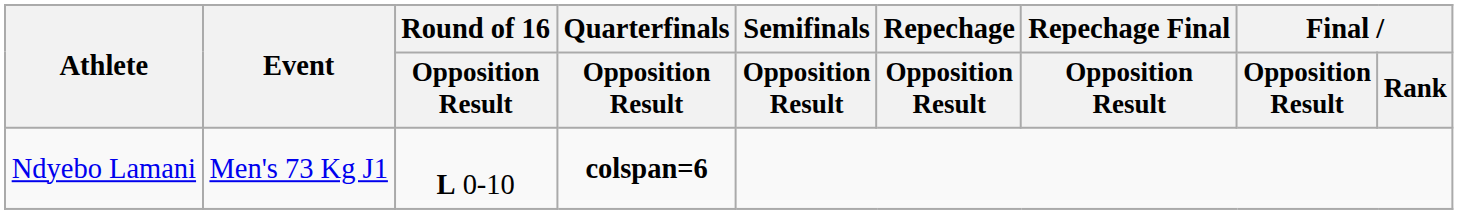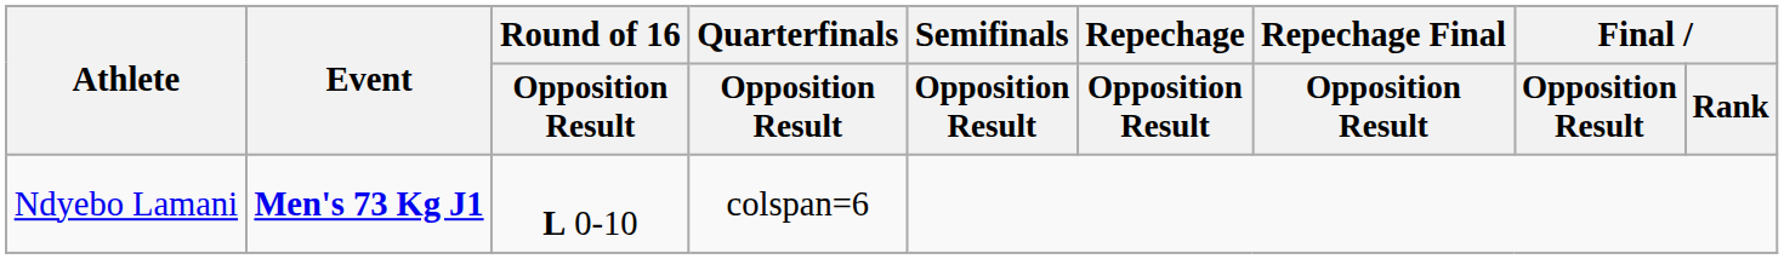 <table class="wikitable" style="font-size:90%">
 <tr>
 <th rowspan="2">Athlete</th>
 <th rowspan="2">Event</th>
 <th>Round of 16</th>
 <th>Quarterfinals</th>
 <th>Semifinals</th>
 <th>Repechage</th>
 <th>Repechage Final</th>
 <th colspan="2">Final / </th>
 </tr>
 <tr style="font-size:95%">
 <th>Opposition<br>Result</th>
 <th>Opposition<br>Result</th>
 <th>Opposition<br>Result</th>
 <th>Opposition<br>Result</th>
 <th>Opposition<br>Result</th>
 <th>Opposition<br>Result</th>
 <th>Rank</th>
 </tr>
 <tr align=center>
 <td align=left><a href='#'>Ndyebo Lamani</a></td>
-<td align=left><a href='#'>Men's 73 Kg J1</a></td>
+<td align=left><strong><a href='#'>Men's 73 Kg J1</a></strong></td>
 <td><br><strong>L</strong> 0-10</td>
-<td><strong>colspan=6 </strong></td>
+<td>colspan=6 </td>
 </tr>
 </table>
